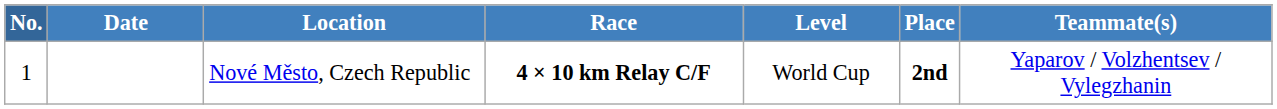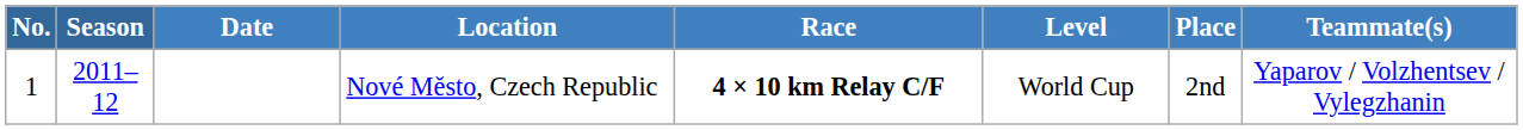 <table class="wikitable sortable" style="font-size:95%; text-align:center; border:grey solid 1px; border-collapse:collapse; background:#ffffff;">
 <tr style="background:#efefef;">
 <th style="background-color:#369; color:white;">No.</th>
+<th style="background-color:#369; color:white;">Season</th>
 <th style="background-color:#4180be; color:white; width:100px;">Date</th>
 <th style="background-color:#4180be; color:white; width:185px;">Location</th>
 <th style="background-color:#4180be; color:white; width:170px;">Race</th>
 <th style="background-color:#4180be; color:white; width:100px;">Level</th>
 <th style="background-color:#4180be; color:white;">Place</th>
 <th style="background-color:#4180be; color:white;">Teammate(s)</th>
 </tr>
 <tr>
 <td>1</td>
+<td><a href='#'>2011–12</a></td>
 <td style="text-align: right;"></td>
 <td style="text-align: left;"> <a href='#'>Nové Město</a>, Czech Republic</td>
 <td><strong>4 × 10 km Relay C/F</strong></td>
 <td>World Cup</td>
-<td><strong>2nd</strong></td>
+<td>2nd</td>
 <td><a href='#'>Yaparov</a> / <a href='#'>Volzhentsev</a> / <a href='#'>Vylegzhanin</a></td>
 </tr>
 </table>
